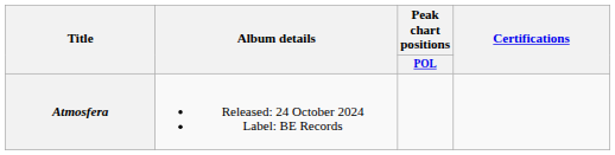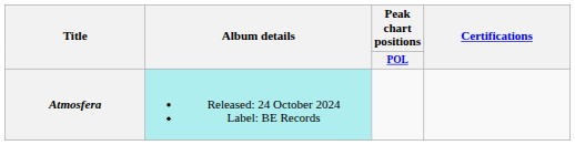 <table class="wikitable plainrowheaders" style="text-align:center;">
 <tr>
 <th rowspan="2" scope="col" style="width:11em;">Title</th>
 <th rowspan="2" scope="col" style="width:18em;">Album details</th>
 <th colspan="1" scope="col">Peak chart positions</th>
 <th rowspan="2" scope="col" style="width:11.5em;"><a href='#'>Certifications</a></th>
 </tr>
 <tr>
 <th scope="col" style="width:3em;font-size:85%;"><a href='#'>POL</a><br></th>
 </tr>
 <tr>
 <th scope="row"><em>Atmosfera</em></th>
-<td><br><ul><li>Released: 24 October 2024</li><li>Label: BE Records</li></ul></td>
+<td style="background: paleturquoise;"><br><ul><li>Released: 24 October 2024</li><li>Label: BE Records</li></ul></td>
 <td></td>
 </tr>
 </table>
